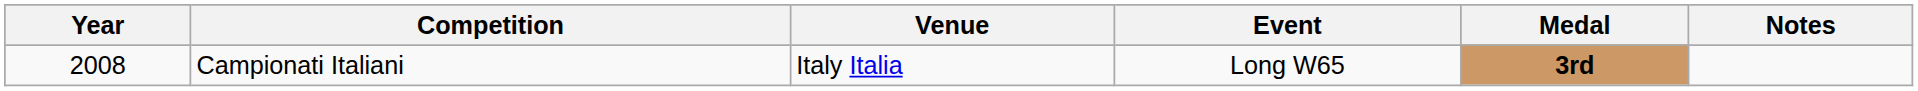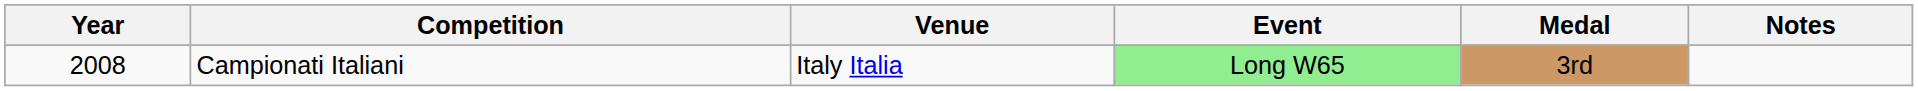 <table class="wikitable" width=55% style="font-size:90%; text-align:center;">
 <tr>
 <th>Year</th>
 <th>Competition</th>
 <th>Venue</th>
 <th>Event</th>
 <th>Medal</th>
 <th>Notes</th>
 </tr>
 <tr>
 <td align=center rowspan=2>2008</td>
 <td rowspan=2 align=left>Campionati Italiani</td>
 <td rowspan=2 align=left>Italy <a href='#'>Italia</a></td>
-<td>Long W65</td>
-<td bgcolor=cc9966><strong>3rd</strong></td>
+<td style="background: lightgreen;">Long W65</td>
+<td bgcolor=cc9966>3rd</td>
 </tr>
 </table>
